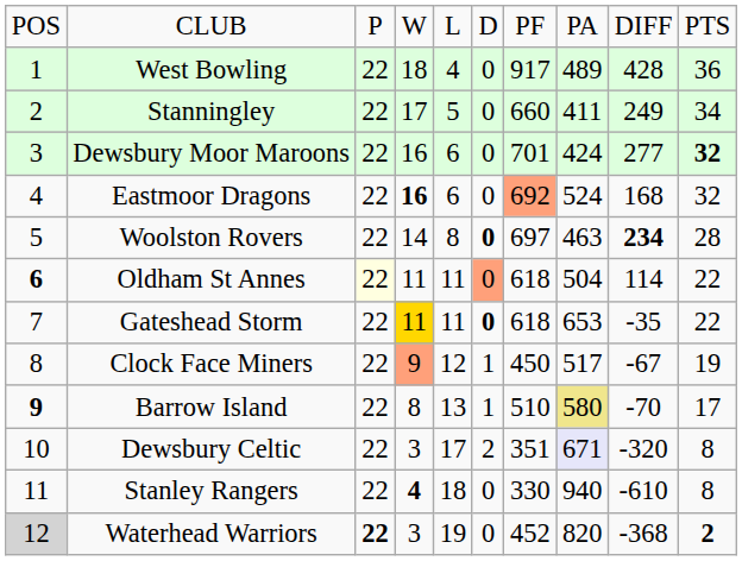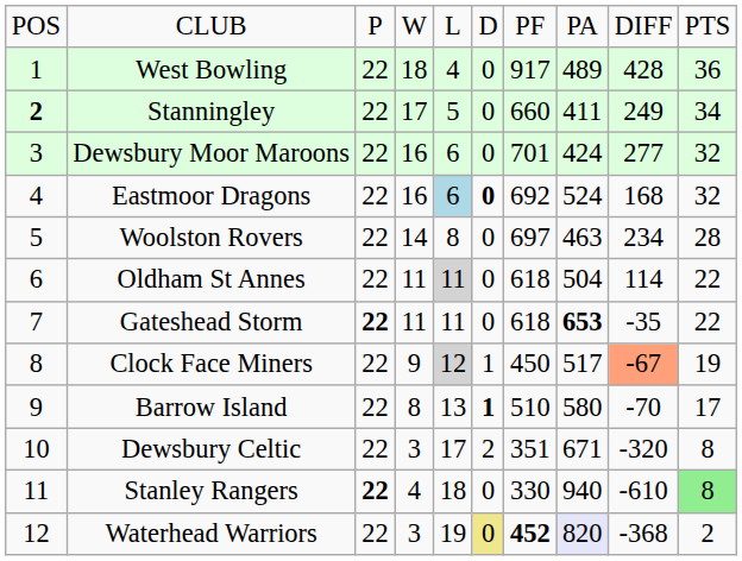 <table class="wikitable" style="text-align: center;">
 <tr>
 <td>POS</td>
 <td>CLUB</td>
 <td>P</td>
 <td>W</td>
 <td>L</td>
 <td>D</td>
 <td>PF</td>
 <td>PA</td>
 <td>DIFF</td>
 <td>PTS</td>
 </tr>
 <tr style="background:#ddffdd;">
 <td>1</td>
 <td>West Bowling</td>
 <td>22</td>
 <td>18</td>
 <td>4</td>
 <td>0</td>
 <td>917</td>
 <td>489</td>
 <td>428</td>
 <td>36</td>
 </tr>
 <tr style="background:#ddffdd;">
-<td>2</td>
+<td><strong>2</strong></td>
 <td>Stanningley</td>
 <td>22</td>
 <td>17</td>
 <td>5</td>
 <td>0</td>
 <td>660</td>
 <td>411</td>
 <td>249</td>
 <td>34</td>
 </tr>
 <tr style="background:#ddffdd;">
 <td>3</td>
 <td>Dewsbury Moor Maroons</td>
 <td>22</td>
 <td>16</td>
 <td>6</td>
 <td>0</td>
 <td>701</td>
 <td>424</td>
 <td>277</td>
-<td><strong>32</strong></td>
+<td>32</td>
 </tr>
 <tr>
 <td>4</td>
 <td>Eastmoor Dragons</td>
 <td>22</td>
-<td><strong>16</strong></td>
-<td>6</td>
-<td>0</td>
-<td style="background: lightsalmon;">692</td>
+<td>16</td>
+<td style="background: lightblue;">6</td>
+<td><strong>0</strong></td>
+<td>692</td>
 <td>524</td>
 <td>168</td>
 <td>32</td>
 </tr>
 <tr>
 <td>5</td>
 <td>Woolston Rovers</td>
 <td>22</td>
 <td>14</td>
 <td>8</td>
-<td><strong>0</strong></td>
+<td>0</td>
 <td>697</td>
 <td>463</td>
-<td><strong>234</strong></td>
+<td>234</td>
 <td>28</td>
 </tr>
 <tr>
-<td><strong>6</strong></td>
+<td>6</td>
 <td>Oldham St Annes</td>
-<td style="background: lightyellow;">22</td>
+<td>22</td>
 <td>11</td>
-<td>11</td>
-<td style="background: lightsalmon;">0</td>
+<td style="background: lightgrey;">11</td>
+<td>0</td>
 <td>618</td>
 <td>504</td>
 <td>114</td>
 <td>22</td>
 </tr>
 <tr>
 <td>7</td>
 <td>Gateshead Storm</td>
-<td>22</td>
-<td style="background: gold;">11</td>
+<td><strong>22</strong></td>
 <td>11</td>
-<td><strong>0</strong></td>
+<td>11</td>
+<td>0</td>
 <td>618</td>
-<td>653</td>
+<td><strong>653</strong></td>
 <td>-35</td>
 <td>22</td>
 </tr>
 <tr>
 <td>8</td>
 <td>Clock Face Miners</td>
 <td>22</td>
-<td style="background: lightsalmon;">9</td>
-<td>12</td>
+<td>9</td>
+<td style="background: lightgrey;">12</td>
 <td>1</td>
 <td>450</td>
 <td>517</td>
-<td>-67</td>
+<td style="background: lightsalmon;">-67</td>
 <td>19</td>
 </tr>
 <tr>
-<td><strong>9</strong></td>
+<td>9</td>
 <td>Barrow Island</td>
 <td>22</td>
 <td>8</td>
 <td>13</td>
-<td>1</td>
+<td><strong>1</strong></td>
 <td>510</td>
-<td style="background: khaki;">580</td>
+<td>580</td>
 <td>-70</td>
 <td>17</td>
 </tr>
 <tr>
 <td>10</td>
 <td>Dewsbury Celtic</td>
 <td>22</td>
 <td>3</td>
 <td>17</td>
 <td>2</td>
 <td>351</td>
-<td style="background: lavender;">671</td>
+<td>671</td>
 <td>-320</td>
 <td>8</td>
 </tr>
 <tr>
 <td>11</td>
 <td>Stanley Rangers</td>
-<td>22</td>
-<td><strong>4</strong></td>
+<td><strong>22</strong></td>
+<td>4</td>
 <td>18</td>
 <td>0</td>
 <td>330</td>
 <td>940</td>
 <td>-610</td>
-<td>8</td>
+<td style="background: lightgreen;">8</td>
 </tr>
 <tr>
-<td style="background: lightgrey;">12</td>
+<td>12</td>
 <td>Waterhead Warriors</td>
-<td><strong>22</strong></td>
+<td>22</td>
 <td>3</td>
 <td>19</td>
-<td>0</td>
-<td>452</td>
-<td>820</td>
+<td style="background: khaki;">0</td>
+<td><strong>452</strong></td>
+<td style="background: lavender;">820</td>
 <td>-368</td>
-<td><strong>2</strong></td>
+<td>2</td>
 </tr>
 </table>
